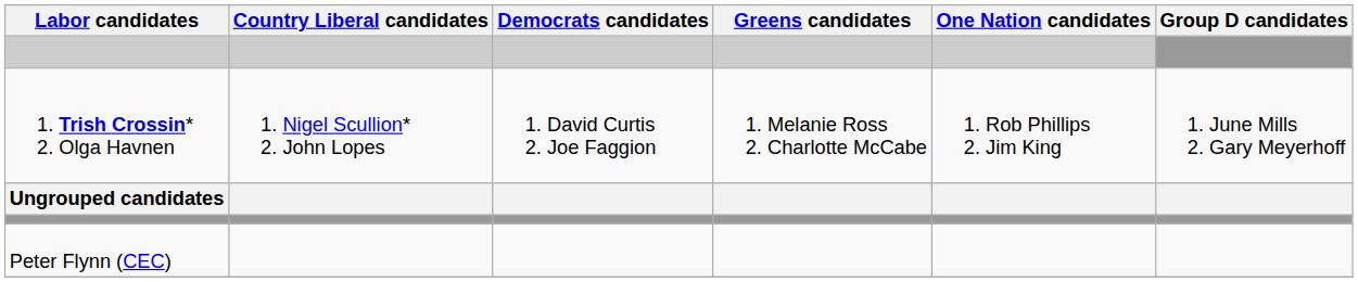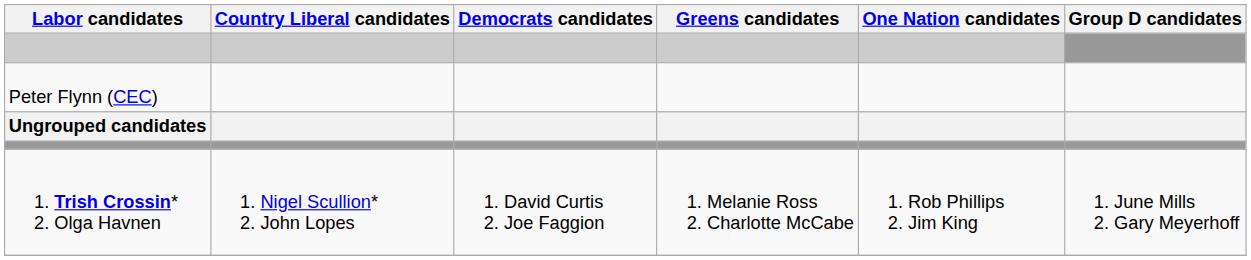 <table class="wikitable">
 <tr>
 <th><a href='#'>Labor</a> candidates</th>
 <th><a href='#'>Country Liberal</a> candidates</th>
 <th><a href='#'>Democrats</a> candidates</th>
 <th><a href='#'>Greens</a> candidates</th>
 <th><a href='#'>One Nation</a> candidates</th>
 <th>Group D candidates</th>
 </tr>
 <tr bgcolor="#cccccc">
 <td></td>
 <td></td>
 <td></td>
 <td></td>
 <td></td>
 <td bgcolor="#999999"> </td>
 </tr>
 <tr>
-<td><br><ol><li><strong><a href='#'>Trish Crossin</a></strong>*</li><li>Olga Havnen</li></ol></td>
-<td><br><ol><li><a href='#'>Nigel Scullion</a>*</li><li>John Lopes</li></ol></td>
-<td valign=top><br><ol><li>David Curtis</li><li>Joe Faggion</li></ol></td>
-<td valign=top><br><ol><li>Melanie Ross</li><li>Charlotte McCabe</li></ol></td>
-<td valign=top><br><ol><li>Rob Phillips</li><li>Jim King</li></ol></td>
-<td valign=top><br><ol><li>June Mills</li><li>Gary Meyerhoff</li></ol></td>
+<td valign=top><br>Peter Flynn (<a href='#'>CEC</a>)</td>
+<td valign=top></td>
+<td valign=top></td>
+<td valign=top></td>
+<td valign=top></td>
+<td valign=top></td>
 </tr>
 <tr bgcolor="#cccccc">
 <th>Ungrouped candidates</th>
 <th></th>
 <th></th>
 <th></th>
 <th></th>
 <th></th>
 </tr>
 <tr bgcolor="#cccccc">
 <td bgcolor="#999999"></td>
 <td bgcolor="#999999"></td>
 <td bgcolor="#999999"></td>
 <td bgcolor="#999999"></td>
 <td bgcolor="#999999"></td>
 <td bgcolor="#999999"></td>
 </tr>
 <tr>
-<td valign=top><br>Peter Flynn (<a href='#'>CEC</a>)</td>
-<td valign=top></td>
-<td valign=top></td>
-<td valign=top></td>
-<td valign=top></td>
-<td valign=top></td>
+<td><br><ol><li><strong><a href='#'>Trish Crossin</a></strong>*</li><li>Olga Havnen</li></ol></td>
+<td><br><ol><li><a href='#'>Nigel Scullion</a>*</li><li>John Lopes</li></ol></td>
+<td valign=top><br><ol><li>David Curtis</li><li>Joe Faggion</li></ol></td>
+<td valign=top><br><ol><li>Melanie Ross</li><li>Charlotte McCabe</li></ol></td>
+<td valign=top><br><ol><li>Rob Phillips</li><li>Jim King</li></ol></td>
+<td valign=top><br><ol><li>June Mills</li><li>Gary Meyerhoff</li></ol></td>
 </tr>
 <tr>
 </tr>
 </table>
